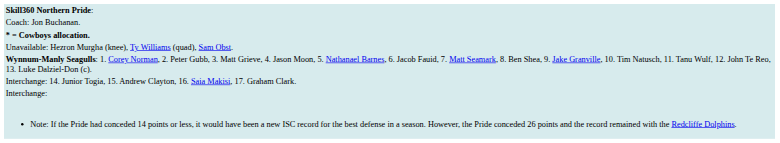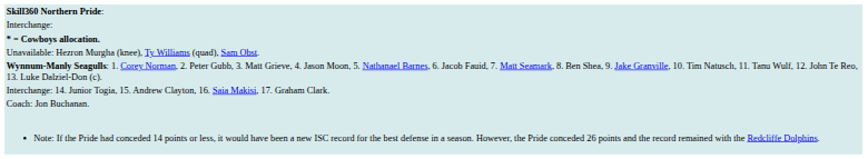 <table style="background:#d7ebed; font-size:85%; width:100%;">
 <tr>
 <td><strong>Skill360 Northern Pride</strong>:             </td>
 </tr>
 <tr>
-<td>Coach: Jon Buchanan.</td>
+<td>Interchange:    </td>
 </tr>
 <tr>
 <td><strong>* = Cowboys allocation.</strong></td>
 </tr>
 <tr>
 <td>Unavailable: Hezron Murgha (knee), <a href='#'>Ty Williams</a> (quad), <a href='#'>Sam Obst</a>.</td>
 </tr>
 <tr>
 <td><strong>Wynnum-Manly Seagulls</strong>: 1. <a href='#'>Corey Norman</a>, 2. Peter Gubb, 3. Matt Grieve, 4. Jason Moon, 5. <a href='#'>Nathanael Barnes</a>, 6. Jacob Fauid, 7. <a href='#'>Matt Seamark</a>, 8. Ben Shea, 9. <a href='#'>Jake Granville</a>, 10. Tim Natusch, 11. Tanu Wulf, 12. John Te Reo, 13. Luke Dalziel-Don (c).</td>
 </tr>
 <tr>
 <td>Interchange: 14. Junior Togia, 15. Andrew Clayton, 16. <a href='#'>Saia Makisi</a>, 17. Graham Clark.</td>
 </tr>
 <tr>
-<td>Interchange:    </td>
+<td>Coach: Jon Buchanan.</td>
 </tr>
 <tr>
 <td><br><ul><li>Note: If the Pride had conceded 14 points or less, it would have been a new ISC record for the best defense in a season. However, the Pride conceded 26 points and the record remained with the <a href='#'>Redcliffe Dolphins</a>.</li></ul></td>
 </tr>
 </table>
